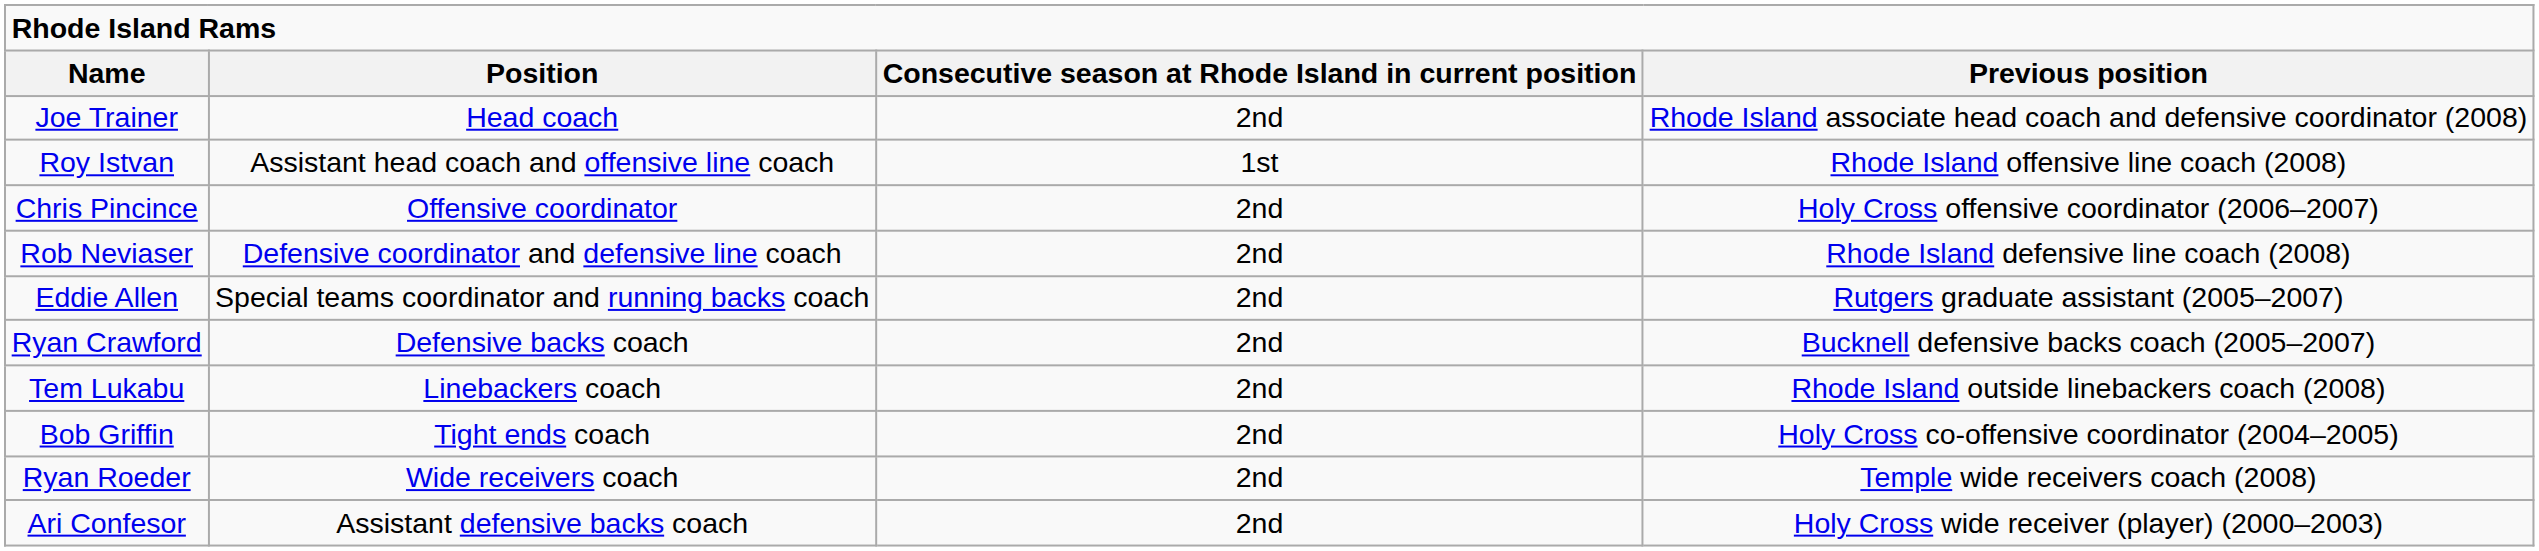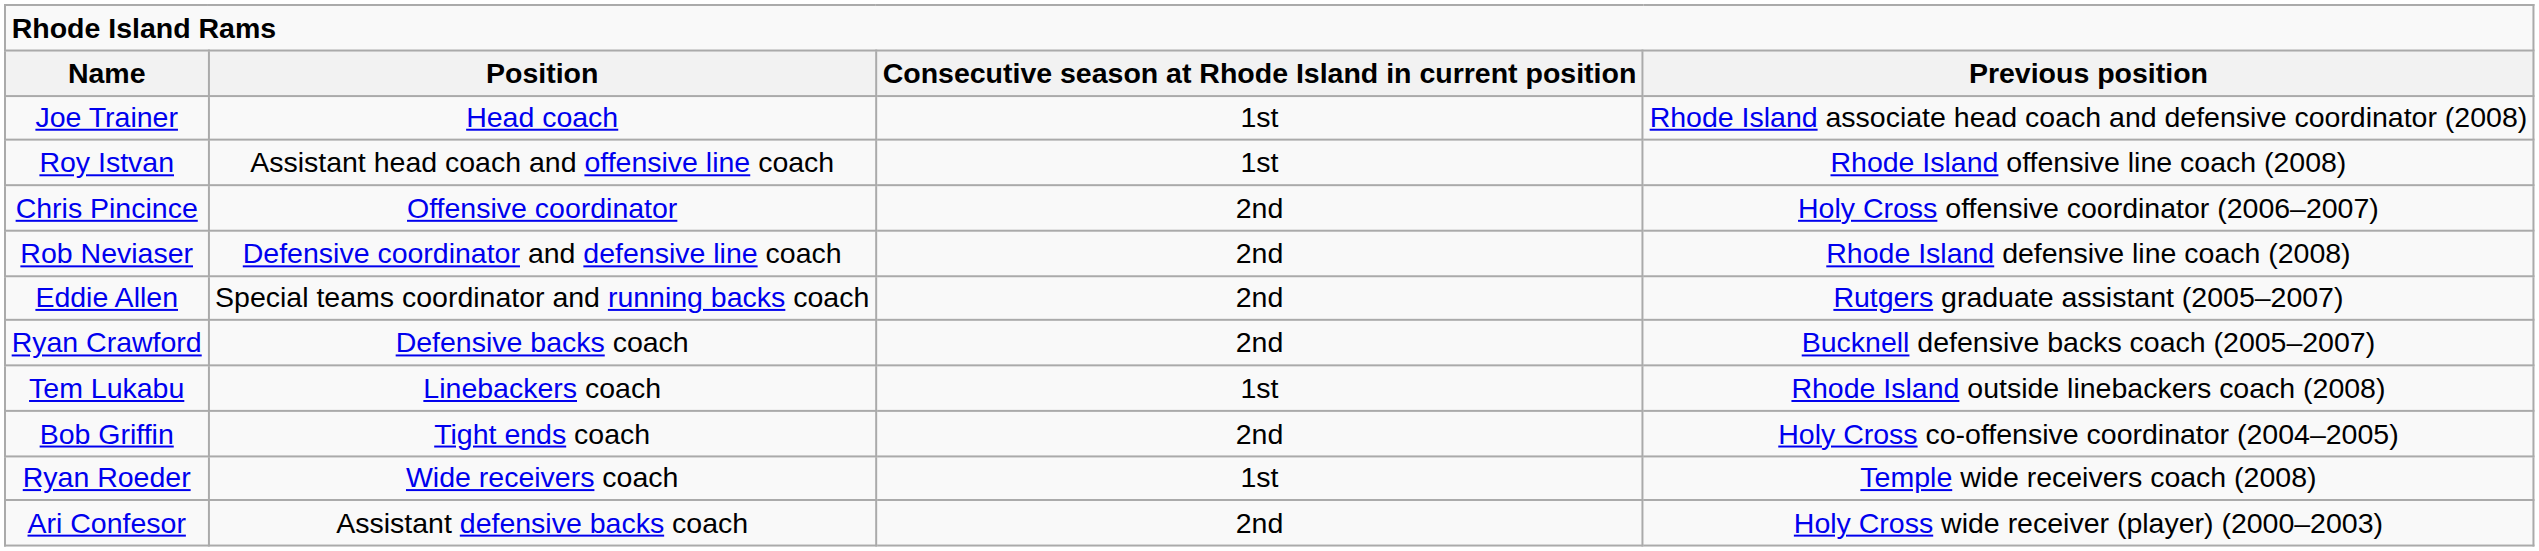 <table class="wikitable" style="font-size:90%;">
 <tr>
 <td colspan=5><strong>Rhode Island Rams</strong></td>
 </tr>
 <tr align="center";>
 <th>Name</th>
 <th>Position</th>
 <th>Consecutive season at Rhode Island in current position</th>
 <th>Previous position</th>
 </tr>
 <tr align="center" ;>
 <td><a href='#'>Joe Trainer</a></td>
 <td><a href='#'>Head coach</a></td>
-<td>2nd</td>
+<td>1st</td>
 <td><a href='#'>Rhode Island</a> associate head coach and defensive coordinator (2008)</td>
 </tr>
 <tr align="center" ;>
 <td><a href='#'>Roy Istvan</a></td>
 <td>Assistant head coach and <a href='#'>offensive line</a> coach</td>
 <td>1st</td>
 <td><a href='#'>Rhode Island</a> offensive line coach (2008)</td>
 </tr>
 <tr align="center" ;>
 <td><a href='#'>Chris Pincince</a></td>
 <td><a href='#'>Offensive coordinator</a></td>
 <td>2nd</td>
 <td><a href='#'>Holy Cross</a> offensive coordinator (2006–2007)</td>
 </tr>
 <tr align="center" ;>
 <td><a href='#'>Rob Neviaser</a></td>
 <td><a href='#'>Defensive coordinator</a> and <a href='#'>defensive line</a> coach</td>
 <td>2nd</td>
 <td><a href='#'>Rhode Island</a> defensive line coach (2008)</td>
 </tr>
 <tr align="center" ;>
 <td><a href='#'>Eddie Allen</a></td>
 <td>Special teams coordinator and <a href='#'>running backs</a> coach</td>
 <td>2nd</td>
 <td><a href='#'>Rutgers</a> graduate assistant (2005–2007)</td>
 </tr>
 <tr align="center" ;>
 <td><a href='#'>Ryan Crawford</a></td>
 <td><a href='#'>Defensive backs</a> coach</td>
 <td>2nd</td>
 <td><a href='#'>Bucknell</a> defensive backs coach (2005–2007)</td>
 </tr>
 <tr align="center" ;>
 <td><a href='#'>Tem Lukabu</a></td>
 <td><a href='#'>Linebackers</a> coach</td>
-<td>2nd</td>
+<td>1st</td>
 <td><a href='#'>Rhode Island</a> outside linebackers coach (2008)</td>
 </tr>
 <tr align="center" ;>
 <td><a href='#'>Bob Griffin</a></td>
 <td><a href='#'>Tight ends</a> coach</td>
 <td>2nd</td>
 <td><a href='#'>Holy Cross</a> co-offensive coordinator (2004–2005)</td>
 </tr>
 <tr align="center" ;>
 <td><a href='#'>Ryan Roeder</a></td>
 <td><a href='#'>Wide receivers</a> coach</td>
-<td>2nd</td>
+<td>1st</td>
 <td><a href='#'>Temple</a> wide receivers coach (2008)</td>
 </tr>
 <tr align="center" ;>
 <td><a href='#'>Ari Confesor</a></td>
 <td>Assistant <a href='#'>defensive backs</a> coach</td>
 <td>2nd</td>
 <td><a href='#'>Holy Cross</a> wide receiver (player) (2000–2003)</td>
 </tr>
 </table>
